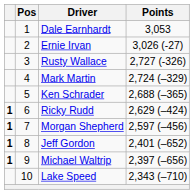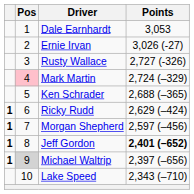 <table class="wikitable" style="font-size: 95%;">
 <tr>
 <th></th>
 <th>Pos</th>
 <th>Driver</th>
 <th>Points</th>
 </tr>
 <tr>
 <td align="left"></td>
 <td style="text-align:center;">1</td>
 <td><a href='#'>Dale Earnhardt</a></td>
 <td style="text-align:center;">3,053</td>
 </tr>
 <tr>
 <td align="left"></td>
 <td style="text-align:center;">2</td>
 <td><a href='#'>Ernie Irvan</a></td>
 <td style="text-align:center;">3,026 (-27)</td>
 </tr>
 <tr>
 <td align="left"></td>
 <td style="text-align:center;">3</td>
 <td><a href='#'>Rusty Wallace</a></td>
 <td style="text-align:center;">2,727 (-326)</td>
 </tr>
 <tr>
 <td align="left"></td>
-<td style="text-align:center;">4</td>
+<td style="background: pink; text-align:center;">4</td>
 <td><a href='#'>Mark Martin</a></td>
 <td style="text-align:center;">2,724 (–329)</td>
 </tr>
 <tr>
 <td align="left"></td>
 <td style="text-align:center;">5</td>
 <td><a href='#'>Ken Schrader</a></td>
 <td style="text-align:center;">2,688 (–365)</td>
 </tr>
 <tr>
 <td align="left"> <strong>1</strong></td>
 <td style="text-align:center;">6</td>
 <td><a href='#'>Ricky Rudd</a></td>
 <td style="text-align:center;">2,629 (–424)</td>
 </tr>
 <tr>
 <td align="left"> <strong>1</strong></td>
 <td style="text-align:center;">7</td>
 <td><a href='#'>Morgan Shepherd</a></td>
 <td style="text-align:center;">2,597 (–456)</td>
 </tr>
 <tr>
 <td align="left"> <strong>1</strong></td>
 <td style="text-align:center;">8</td>
 <td><a href='#'>Jeff Gordon</a></td>
-<td style="text-align:center;">2,401 (–652)</td>
+<td style="text-align:center;"><strong>2,401 (–652)</strong></td>
 </tr>
 <tr>
 <td align="left"> <strong>1</strong></td>
-<td style="text-align:center;">9</td>
+<td style="background: lightgrey; text-align:center;">9</td>
 <td><a href='#'>Michael Waltrip</a></td>
 <td style="text-align:center;">2,397 (–656)</td>
 </tr>
 <tr>
 <td align="left"></td>
 <td style="text-align:center;">10</td>
 <td><a href='#'>Lake Speed</a></td>
 <td style="text-align:center;">2,343 (–710)</td>
 </tr>
 <tr class="sortbottom">
 <th colspan="9"></th>
 </tr>
 </table>
